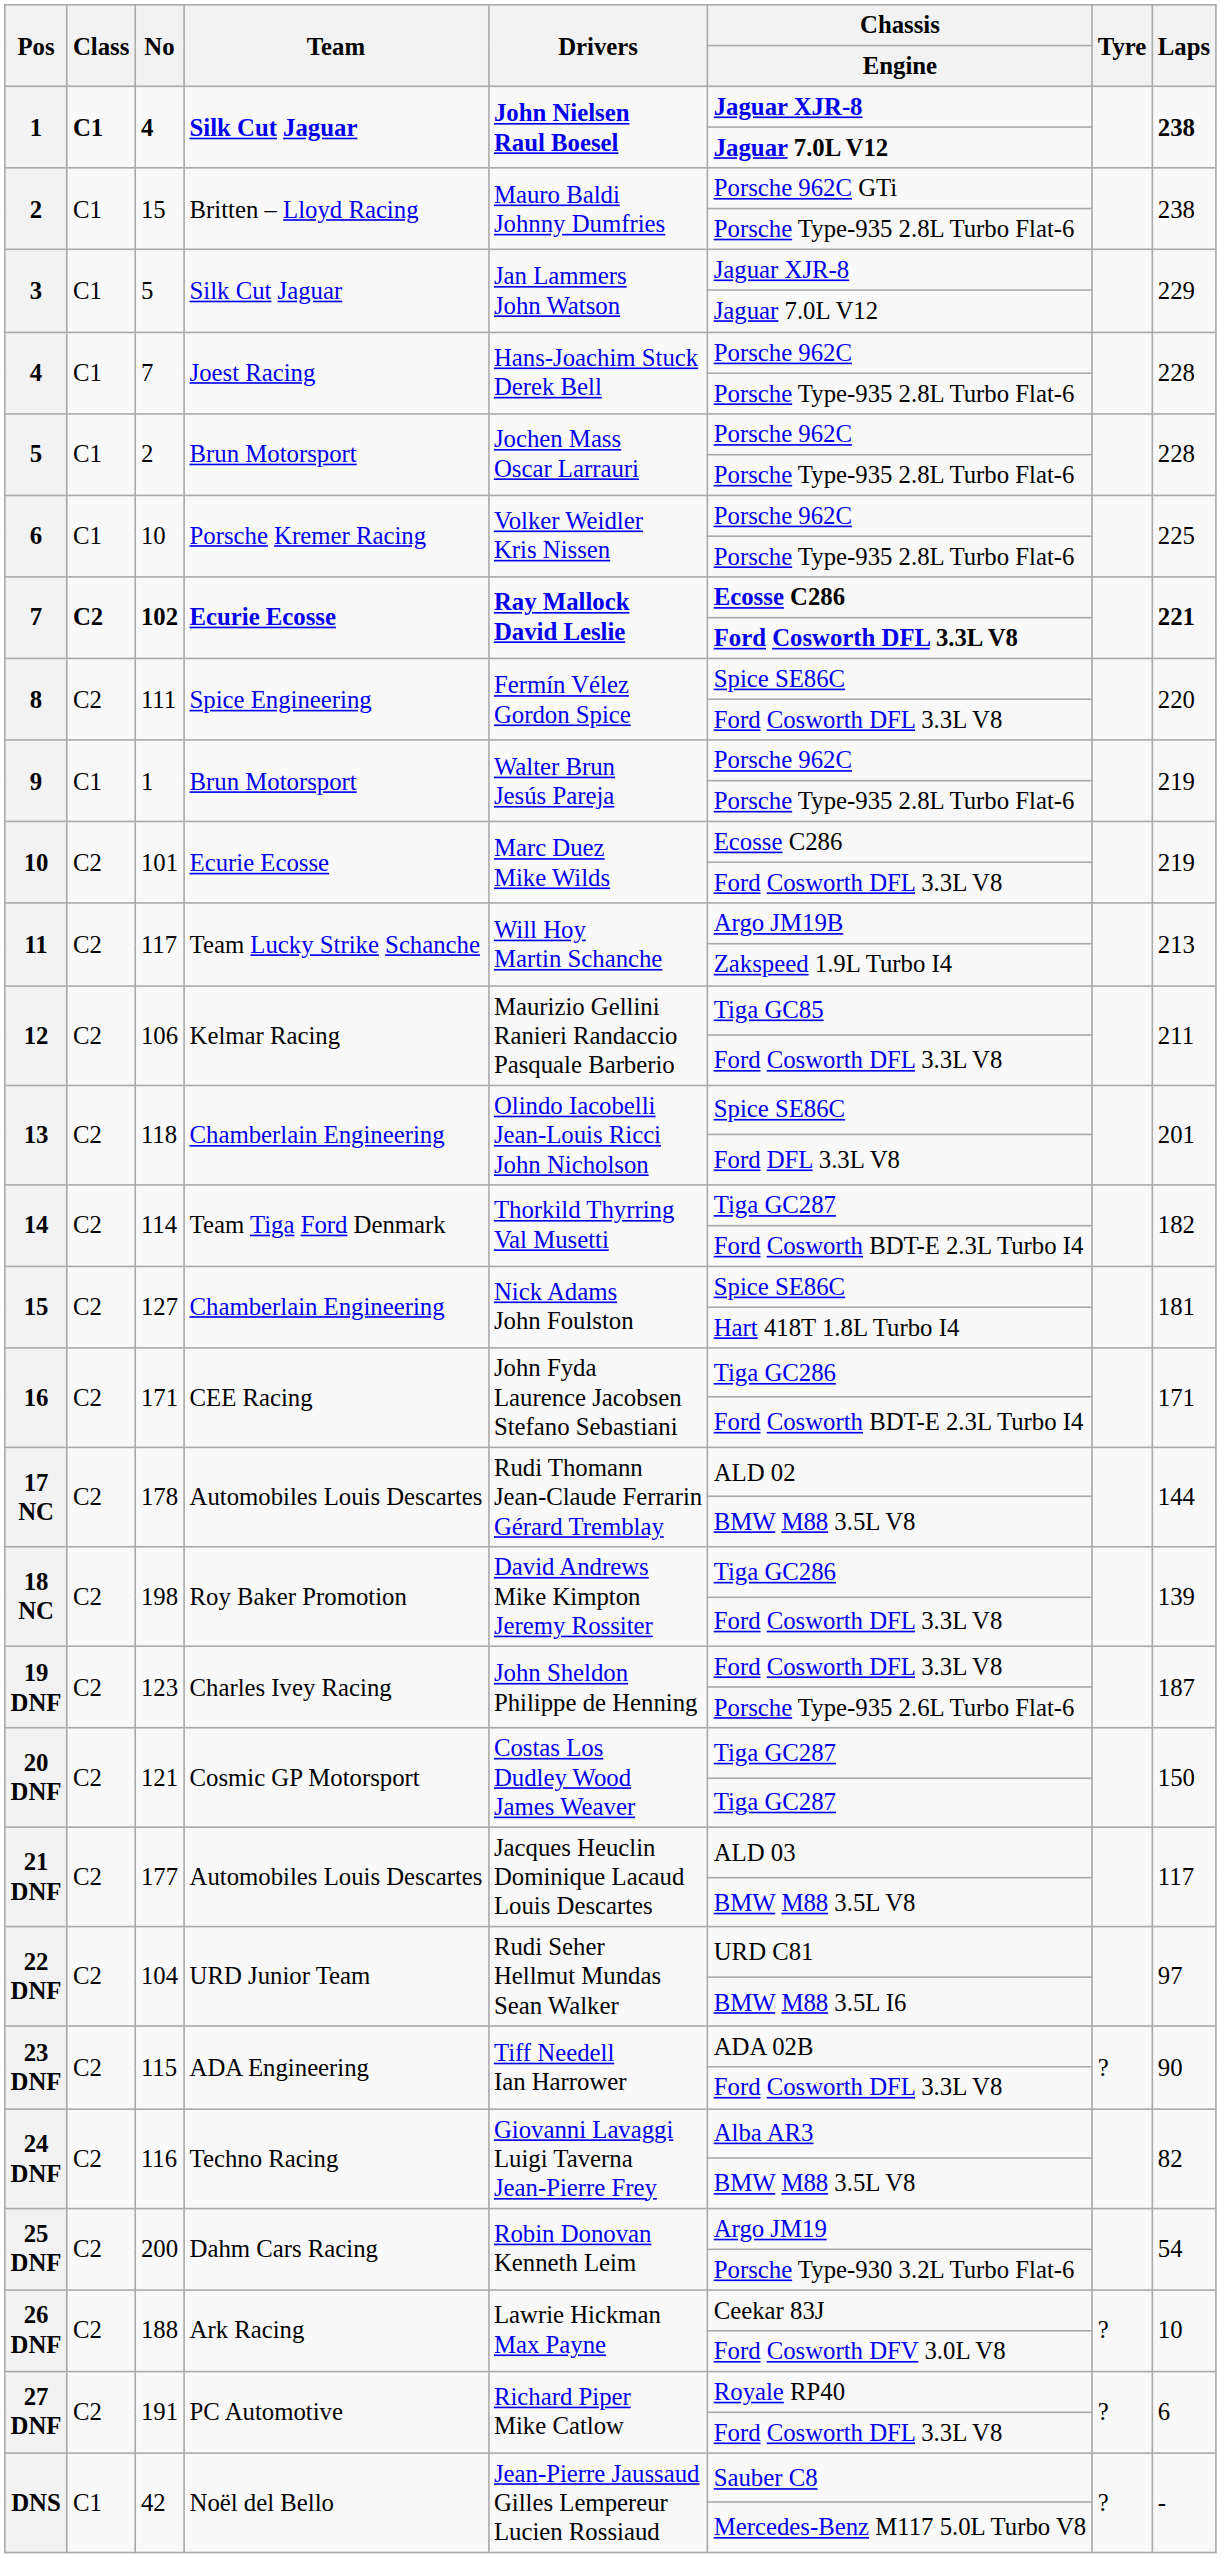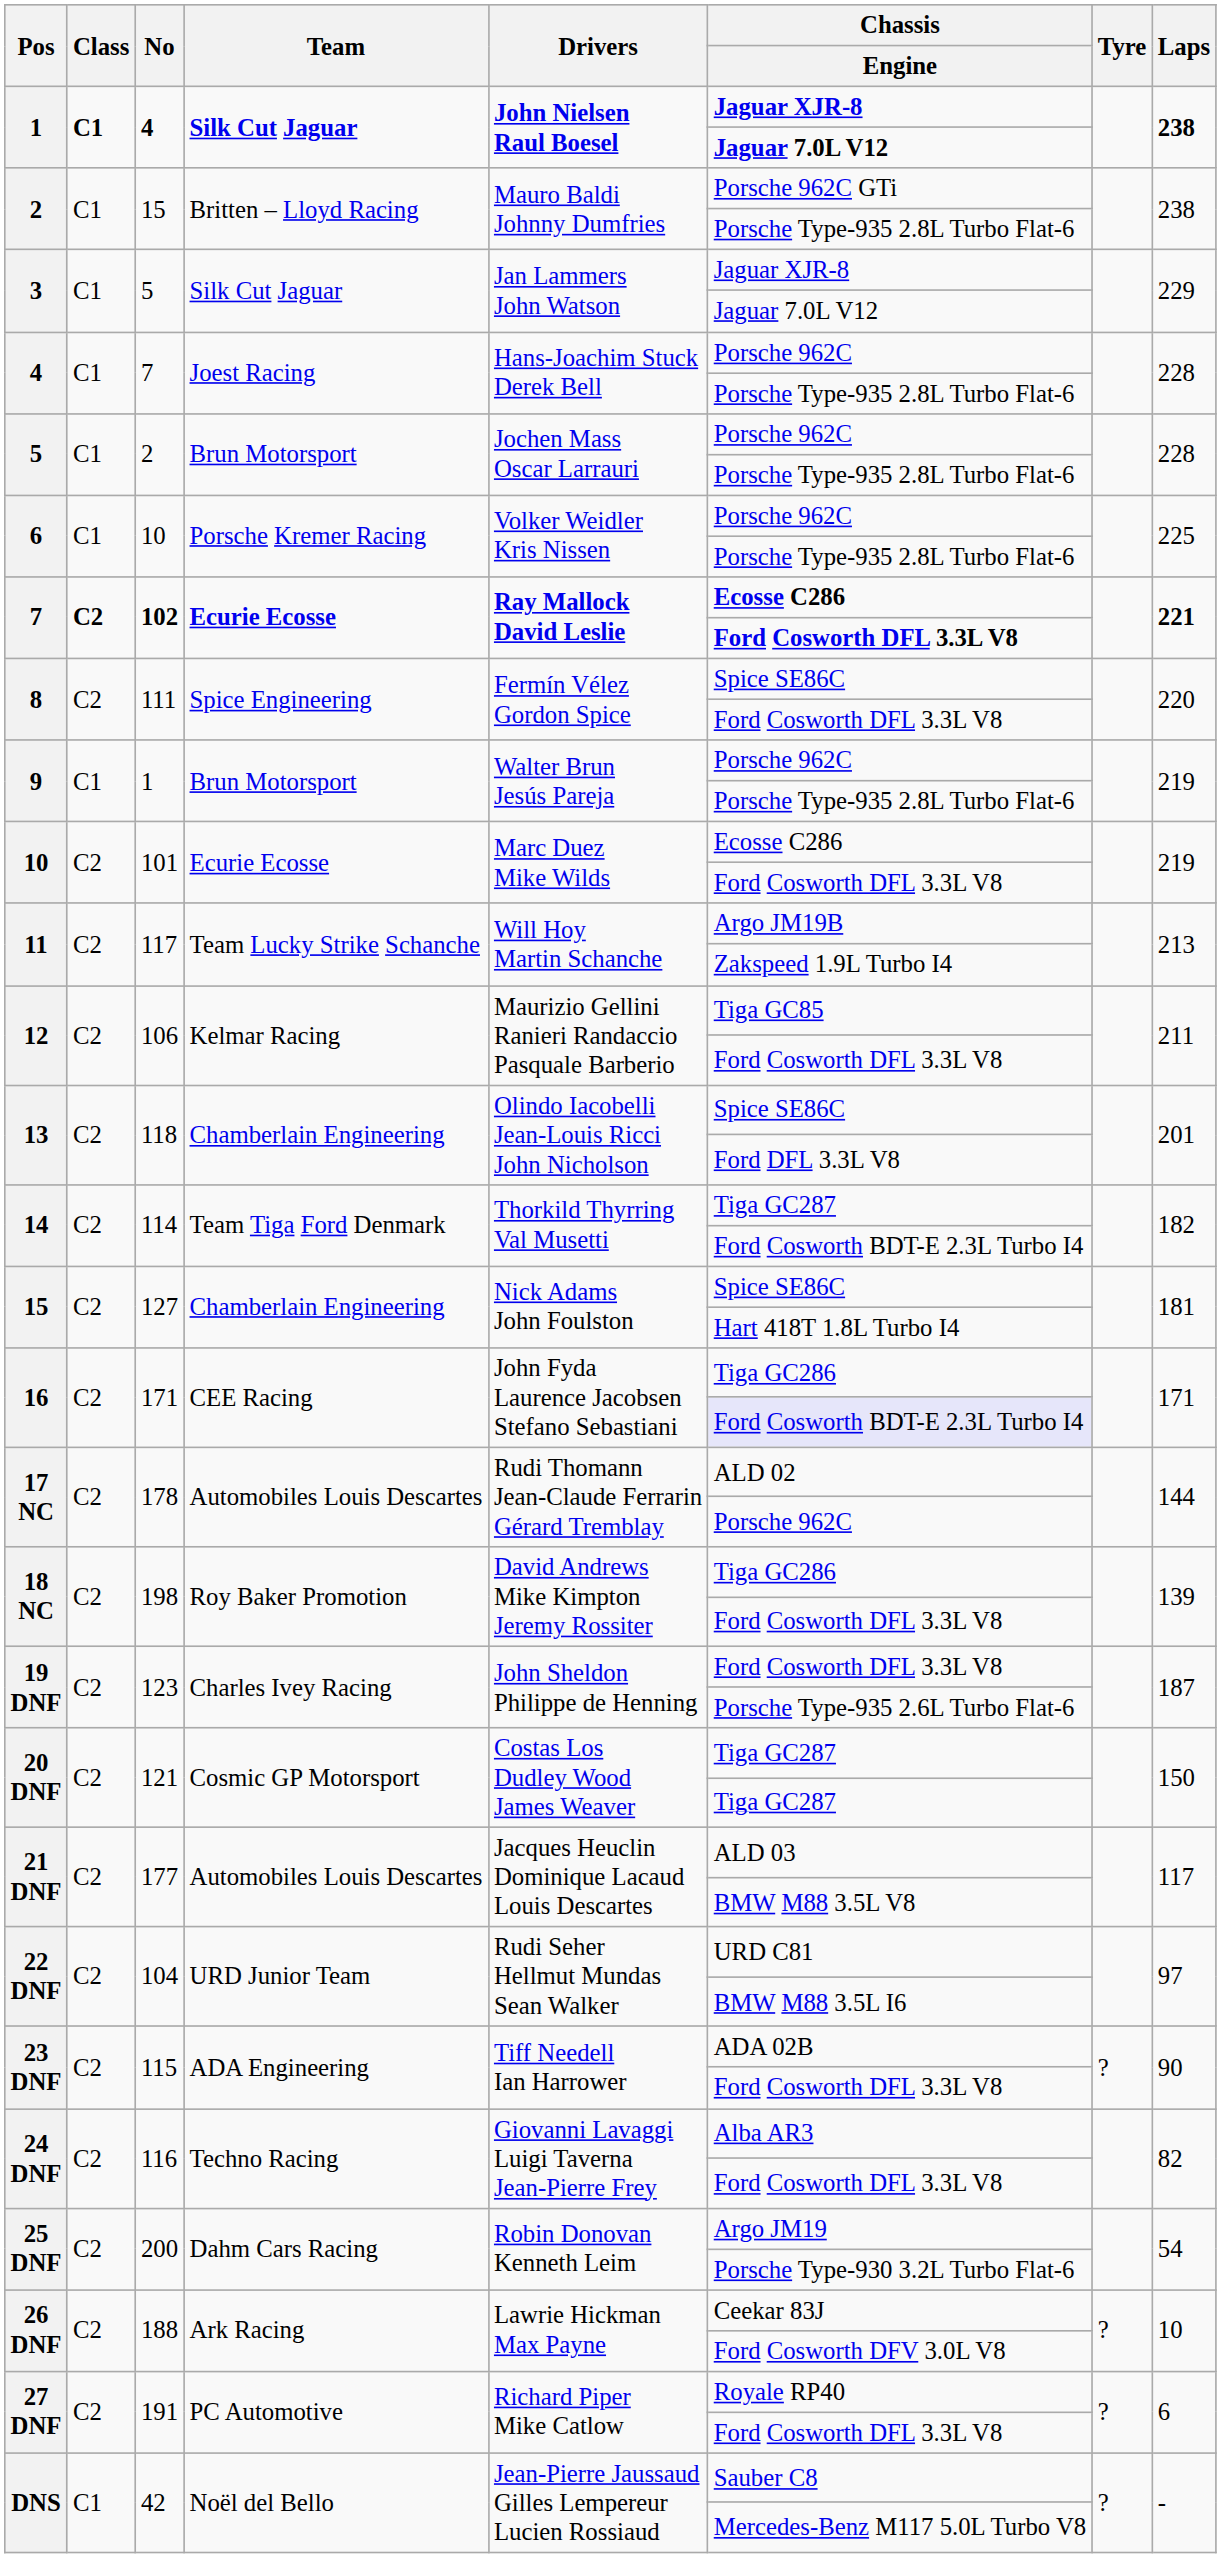 <table class="wikitable" style="font-size: 95%;">
 <tr>
 <th rowspan=2>Pos</th>
 <th rowspan=2>Class</th>
 <th rowspan=2>No</th>
 <th rowspan=2>Team</th>
 <th rowspan=2>Drivers</th>
 <th>Chassis</th>
 <th rowspan=2>Tyre</th>
 <th rowspan=2>Laps</th>
 </tr>
 <tr>
 <th>Engine</th>
 </tr>
 <tr style="font-weight:bold">
 <th rowspan=2>1</th>
 <td rowspan=2>C1</td>
 <td rowspan=2>4</td>
 <td rowspan=2> <a href='#'>Silk Cut</a> <a href='#'>Jaguar</a></td>
 <td rowspan=2> <a href='#'>John Nielsen</a><br> <a href='#'>Raul Boesel</a></td>
 <td><a href='#'>Jaguar XJR-8</a></td>
 <td rowspan=2></td>
 <td rowspan=2>238</td>
 </tr>
 <tr style="font-weight:bold">
 <td><a href='#'>Jaguar</a> 7.0L V12</td>
 </tr>
 <tr>
 <th rowspan=2>2</th>
 <td rowspan=2>C1</td>
 <td rowspan=2>15</td>
 <td rowspan=2> Britten – <a href='#'>Lloyd Racing</a></td>
 <td rowspan=2> <a href='#'>Mauro Baldi</a><br> <a href='#'>Johnny Dumfries</a></td>
 <td><a href='#'>Porsche 962C</a> GTi</td>
 <td rowspan=2></td>
 <td rowspan=2>238</td>
 </tr>
 <tr>
 <td><a href='#'>Porsche</a> Type-935 2.8L Turbo Flat-6</td>
 </tr>
 <tr>
 <th rowspan=2>3</th>
 <td rowspan=2>C1</td>
 <td rowspan=2>5</td>
 <td rowspan=2> <a href='#'>Silk Cut</a> <a href='#'>Jaguar</a></td>
 <td rowspan=2> <a href='#'>Jan Lammers</a><br> <a href='#'>John Watson</a></td>
 <td><a href='#'>Jaguar XJR-8</a></td>
 <td rowspan=2></td>
 <td rowspan=2>229</td>
 </tr>
 <tr>
 <td><a href='#'>Jaguar</a> 7.0L V12</td>
 </tr>
 <tr>
 <th rowspan=2>4</th>
 <td rowspan=2>C1</td>
 <td rowspan=2>7</td>
 <td rowspan=2> <a href='#'>Joest Racing</a></td>
 <td rowspan=2> <a href='#'>Hans-Joachim Stuck</a><br> <a href='#'>Derek Bell</a></td>
 <td><a href='#'>Porsche 962C</a></td>
 <td rowspan=2></td>
 <td rowspan=2>228</td>
 </tr>
 <tr>
 <td><a href='#'>Porsche</a> Type-935 2.8L Turbo Flat-6</td>
 </tr>
 <tr>
 <th rowspan=2>5</th>
 <td rowspan=2>C1</td>
 <td rowspan=2>2</td>
 <td rowspan=2> <a href='#'>Brun Motorsport</a></td>
 <td rowspan=2> <a href='#'>Jochen Mass</a><br> <a href='#'>Oscar Larrauri</a></td>
 <td><a href='#'>Porsche 962C</a></td>
 <td rowspan=2></td>
 <td rowspan=2>228</td>
 </tr>
 <tr>
 <td><a href='#'>Porsche</a> Type-935 2.8L Turbo Flat-6</td>
 </tr>
 <tr>
 <th rowspan=2>6</th>
 <td rowspan=2>C1</td>
 <td rowspan=2>10</td>
 <td rowspan=2> <a href='#'>Porsche</a> <a href='#'>Kremer Racing</a></td>
 <td rowspan=2> <a href='#'>Volker Weidler</a><br> <a href='#'>Kris Nissen</a></td>
 <td><a href='#'>Porsche 962C</a></td>
 <td rowspan=2></td>
 <td rowspan=2>225</td>
 </tr>
 <tr>
 <td><a href='#'>Porsche</a> Type-935 2.8L Turbo Flat-6</td>
 </tr>
 <tr style="font-weight:bold">
 <th rowspan=2>7</th>
 <td rowspan=2>C2</td>
 <td rowspan=2>102</td>
 <td rowspan=2> <a href='#'>Ecurie Ecosse</a></td>
 <td rowspan=2> <a href='#'>Ray Mallock</a><br> <a href='#'>David Leslie</a></td>
 <td><a href='#'>Ecosse</a> C286</td>
 <td rowspan=2></td>
 <td rowspan=2>221</td>
 </tr>
 <tr style="font-weight:bold">
 <td><a href='#'>Ford</a> <a href='#'>Cosworth DFL</a> 3.3L V8</td>
 </tr>
 <tr>
 <th rowspan=2>8</th>
 <td rowspan=2>C2</td>
 <td rowspan=2>111</td>
 <td rowspan=2> <a href='#'>Spice Engineering</a></td>
 <td rowspan=2> <a href='#'>Fermín Vélez</a><br> <a href='#'>Gordon Spice</a></td>
 <td><a href='#'>Spice SE86C</a></td>
 <td rowspan=2></td>
 <td rowspan=2>220</td>
 </tr>
 <tr>
 <td><a href='#'>Ford</a> <a href='#'>Cosworth DFL</a> 3.3L V8</td>
 </tr>
 <tr>
 <th rowspan=2>9</th>
 <td rowspan=2>C1</td>
 <td rowspan=2>1</td>
 <td rowspan=2> <a href='#'>Brun Motorsport</a></td>
 <td rowspan=2> <a href='#'>Walter Brun</a><br> <a href='#'>Jesús Pareja</a></td>
 <td><a href='#'>Porsche 962C</a></td>
 <td rowspan=2></td>
 <td rowspan=2>219</td>
 </tr>
 <tr>
 <td><a href='#'>Porsche</a> Type-935 2.8L Turbo Flat-6</td>
 </tr>
 <tr>
 <th rowspan=2>10</th>
 <td rowspan=2>C2</td>
 <td rowspan=2>101</td>
 <td rowspan=2> <a href='#'>Ecurie Ecosse</a></td>
 <td rowspan=2> <a href='#'>Marc Duez</a><br> <a href='#'>Mike Wilds</a></td>
 <td><a href='#'>Ecosse</a> C286</td>
 <td rowspan=2></td>
 <td rowspan=2>219</td>
 </tr>
 <tr>
 <td><a href='#'>Ford</a> <a href='#'>Cosworth DFL</a> 3.3L V8</td>
 </tr>
 <tr>
 <th rowspan=2>11</th>
 <td rowspan=2>C2</td>
 <td rowspan=2>117</td>
 <td rowspan=2> Team <a href='#'>Lucky Strike</a> <a href='#'>Schanche</a></td>
 <td rowspan=2> <a href='#'>Will Hoy</a><br> <a href='#'>Martin Schanche</a></td>
 <td><a href='#'>Argo JM19B</a></td>
 <td rowspan=2></td>
 <td rowspan=2>213</td>
 </tr>
 <tr>
 <td><a href='#'>Zakspeed</a> 1.9L Turbo I4</td>
 </tr>
 <tr>
 <th rowspan=2>12</th>
 <td rowspan=2>C2</td>
 <td rowspan=2>106</td>
 <td rowspan=2> Kelmar Racing</td>
 <td rowspan=2> Maurizio Gellini<br> Ranieri Randaccio<br> Pasquale Barberio</td>
 <td><a href='#'>Tiga GC85</a></td>
 <td rowspan=2></td>
 <td rowspan=2>211</td>
 </tr>
 <tr>
 <td><a href='#'>Ford</a> <a href='#'>Cosworth DFL</a> 3.3L V8</td>
 </tr>
 <tr>
 <th rowspan=2>13</th>
 <td rowspan=2>C2</td>
 <td rowspan=2>118</td>
 <td rowspan=2> <a href='#'>Chamberlain Engineering</a></td>
 <td rowspan=2> <a href='#'>Olindo Iacobelli</a><br> <a href='#'>Jean-Louis Ricci</a><br> <a href='#'>John Nicholson</a></td>
 <td><a href='#'>Spice SE86C</a></td>
 <td rowspan=2></td>
 <td rowspan=2>201</td>
 </tr>
 <tr>
 <td><a href='#'>Ford</a> <a href='#'>DFL</a> 3.3L V8</td>
 </tr>
 <tr>
 <th rowspan=2>14</th>
 <td rowspan=2>C2</td>
 <td rowspan=2>114</td>
 <td rowspan=2> Team <a href='#'>Tiga</a> <a href='#'>Ford</a> Denmark</td>
 <td rowspan=2> <a href='#'>Thorkild Thyrring</a><br> <a href='#'>Val Musetti</a></td>
 <td><a href='#'>Tiga GC287</a></td>
 <td rowspan=2></td>
 <td rowspan=2>182</td>
 </tr>
 <tr>
 <td><a href='#'>Ford</a> <a href='#'>Cosworth</a> BDT-E 2.3L Turbo I4</td>
 </tr>
 <tr>
 <th rowspan=2>15</th>
 <td rowspan=2>C2</td>
 <td rowspan=2>127</td>
 <td rowspan=2> <a href='#'>Chamberlain Engineering</a></td>
 <td rowspan=2> <a href='#'>Nick Adams</a><br> John Foulston</td>
 <td><a href='#'>Spice SE86C</a></td>
 <td rowspan=2></td>
 <td rowspan=2>181</td>
 </tr>
 <tr>
 <td><a href='#'>Hart</a> 418T 1.8L Turbo I4</td>
 </tr>
 <tr>
 <th rowspan=2>16</th>
 <td rowspan=2>C2</td>
 <td rowspan=2>171</td>
 <td rowspan=2> CEE Racing</td>
 <td rowspan=2> John Fyda<br> Laurence Jacobsen<br> Stefano Sebastiani</td>
 <td><a href='#'>Tiga GC286</a></td>
 <td rowspan=2></td>
 <td rowspan=2>171</td>
 </tr>
 <tr>
-<td><a href='#'>Ford</a> <a href='#'>Cosworth</a> BDT-E 2.3L Turbo I4</td>
+<td style="background: lavender;"><a href='#'>Ford</a> <a href='#'>Cosworth</a> BDT-E 2.3L Turbo I4</td>
 </tr>
 <tr>
 <th rowspan=2>17<br>NC</th>
 <td rowspan=2>C2</td>
 <td rowspan=2>178</td>
 <td rowspan=2> Automobiles Louis Descartes</td>
 <td rowspan=2> Rudi Thomann<br> Jean-Claude Ferrarin<br> <a href='#'>Gérard Tremblay</a></td>
 <td>ALD 02</td>
 <td rowspan=2></td>
 <td rowspan=2>144</td>
 </tr>
 <tr>
-<td><a href='#'>BMW</a> <a href='#'>M88</a> 3.5L V8</td>
+<td><a href='#'>Porsche 962C</a></td>
 </tr>
 <tr>
 <th rowspan=2>18<br>NC</th>
 <td rowspan=2>C2</td>
 <td rowspan=2>198</td>
 <td rowspan=2> Roy Baker Promotion</td>
 <td rowspan=2> <a href='#'>David Andrews</a><br> Mike Kimpton<br> <a href='#'>Jeremy Rossiter</a></td>
 <td><a href='#'>Tiga GC286</a></td>
 <td rowspan=2></td>
 <td rowspan=2>139</td>
 </tr>
 <tr>
 <td><a href='#'>Ford</a> <a href='#'>Cosworth DFL</a> 3.3L V8</td>
 </tr>
 <tr>
 <th rowspan=2>19<br>DNF</th>
 <td rowspan=2>C2</td>
 <td rowspan=2>123</td>
 <td rowspan=2> Charles Ivey Racing</td>
 <td rowspan=2> <a href='#'>John Sheldon</a><br> Philippe de Henning</td>
 <td><a href='#'>Ford</a> <a href='#'>Cosworth DFL</a> 3.3L V8</td>
 <td rowspan=2></td>
 <td rowspan=2>187</td>
 </tr>
 <tr>
 <td><a href='#'>Porsche</a> Type-935 2.6L Turbo Flat-6</td>
 </tr>
 <tr>
 <th rowspan=2>20<br>DNF</th>
 <td rowspan=2>C2</td>
 <td rowspan=2>121</td>
 <td rowspan=2> Cosmic GP Motorsport</td>
 <td rowspan=2> <a href='#'>Costas Los</a><br> <a href='#'>Dudley Wood</a><br> <a href='#'>James Weaver</a></td>
 <td><a href='#'>Tiga GC287</a></td>
 <td rowspan=2></td>
 <td rowspan=2>150</td>
 </tr>
 <tr>
 <td><a href='#'>Tiga GC287</a></td>
 </tr>
 <tr>
 <th rowspan=2>21<br>DNF</th>
 <td rowspan=2>C2</td>
 <td rowspan=2>177</td>
 <td rowspan=2> Automobiles Louis Descartes</td>
 <td rowspan=2> Jacques Heuclin<br> Dominique Lacaud<br> Louis Descartes</td>
 <td>ALD 03</td>
 <td rowspan=2></td>
 <td rowspan=2>117</td>
 </tr>
 <tr>
 <td><a href='#'>BMW</a> <a href='#'>M88</a> 3.5L V8</td>
 </tr>
 <tr>
 <th rowspan=2>22<br>DNF</th>
 <td rowspan=2>C2</td>
 <td rowspan=2>104</td>
 <td rowspan=2> URD Junior Team</td>
 <td rowspan=2> Rudi Seher<br> Hellmut Mundas<br> Sean Walker</td>
 <td>URD C81</td>
 <td rowspan=2></td>
 <td rowspan=2>97</td>
 </tr>
 <tr>
 <td><a href='#'>BMW</a> <a href='#'>M88</a> 3.5L I6</td>
 </tr>
 <tr>
 <th rowspan=2>23<br>DNF</th>
 <td rowspan=2>C2</td>
 <td rowspan=2>115</td>
 <td rowspan=2> ADA Engineering</td>
 <td rowspan=2> <a href='#'>Tiff Needell</a><br> Ian Harrower</td>
 <td>ADA 02B</td>
 <td rowspan=2>?</td>
 <td rowspan=2>90</td>
 </tr>
 <tr>
 <td><a href='#'>Ford</a> <a href='#'>Cosworth DFL</a> 3.3L V8</td>
 </tr>
 <tr>
 <th rowspan=2>24<br>DNF</th>
 <td rowspan=2>C2</td>
 <td rowspan=2>116</td>
 <td rowspan=2> Techno Racing</td>
 <td rowspan=2> <a href='#'>Giovanni Lavaggi</a><br> Luigi Taverna<br> <a href='#'>Jean-Pierre Frey</a></td>
 <td><a href='#'>Alba AR3</a></td>
 <td rowspan=2></td>
 <td rowspan=2>82</td>
 </tr>
 <tr>
-<td><a href='#'>BMW</a> <a href='#'>M88</a> 3.5L V8</td>
+<td><a href='#'>Ford</a> <a href='#'>Cosworth DFL</a> 3.3L V8</td>
 </tr>
 <tr>
 <th rowspan=2>25<br>DNF</th>
 <td rowspan=2>C2</td>
 <td rowspan=2>200</td>
 <td rowspan=2> Dahm Cars Racing</td>
 <td rowspan=2> <a href='#'>Robin Donovan</a><br> Kenneth Leim</td>
 <td><a href='#'>Argo JM19</a></td>
 <td rowspan=2></td>
 <td rowspan=2>54</td>
 </tr>
 <tr>
 <td><a href='#'>Porsche</a> Type-930 3.2L Turbo Flat-6</td>
 </tr>
 <tr>
 <th rowspan=2>26<br>DNF</th>
 <td rowspan=2>C2</td>
 <td rowspan=2>188</td>
 <td rowspan=2> Ark Racing</td>
 <td rowspan=2> Lawrie Hickman<br> <a href='#'>Max Payne</a></td>
 <td>Ceekar 83J</td>
 <td rowspan=2>?</td>
 <td rowspan=2>10</td>
 </tr>
 <tr>
 <td><a href='#'>Ford</a> <a href='#'>Cosworth DFV</a> 3.0L V8</td>
 </tr>
 <tr>
 <th rowspan=2>27<br>DNF</th>
 <td rowspan=2>C2</td>
 <td rowspan=2>191</td>
 <td rowspan=2> PC Automotive</td>
 <td rowspan=2> <a href='#'>Richard Piper</a><br> Mike Catlow</td>
 <td><a href='#'>Royale</a> RP40</td>
 <td rowspan=2>?</td>
 <td rowspan=2>6</td>
 </tr>
 <tr>
 <td><a href='#'>Ford</a> <a href='#'>Cosworth DFL</a> 3.3L V8</td>
 </tr>
 <tr>
 <th rowspan=2>DNS</th>
 <td rowspan=2>C1</td>
 <td rowspan=2>42</td>
 <td rowspan=2> Noël del Bello</td>
 <td rowspan=2> <a href='#'>Jean-Pierre Jaussaud</a><br> Gilles Lempereur<br> Lucien Rossiaud</td>
 <td><a href='#'>Sauber C8</a></td>
 <td rowspan=2>?</td>
 <td rowspan=2>-</td>
 </tr>
 <tr>
 <td><a href='#'>Mercedes-Benz</a> M117 5.0L Turbo V8</td>
 </tr>
 </table>
